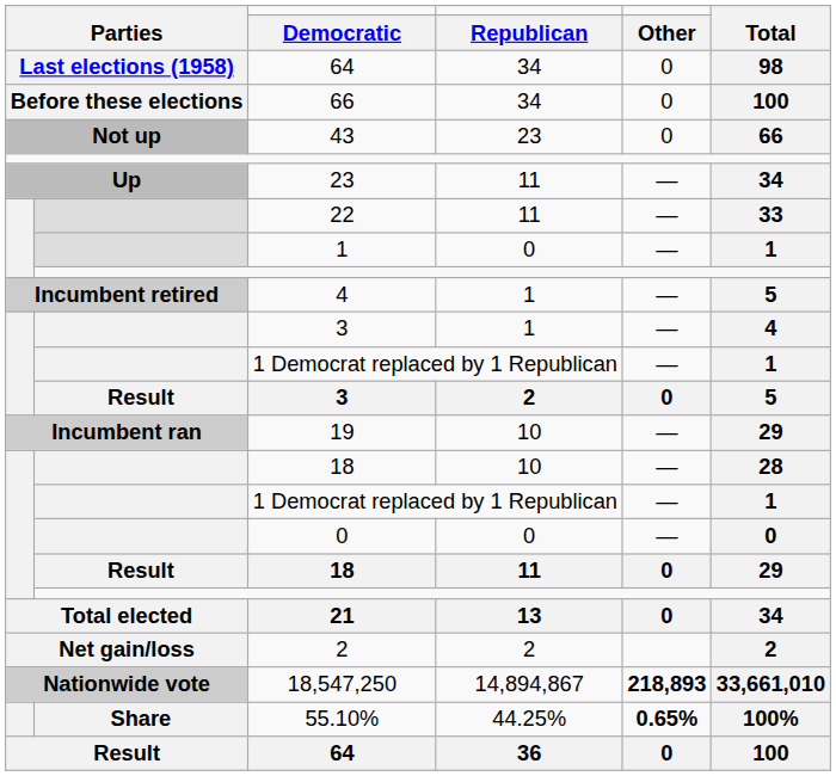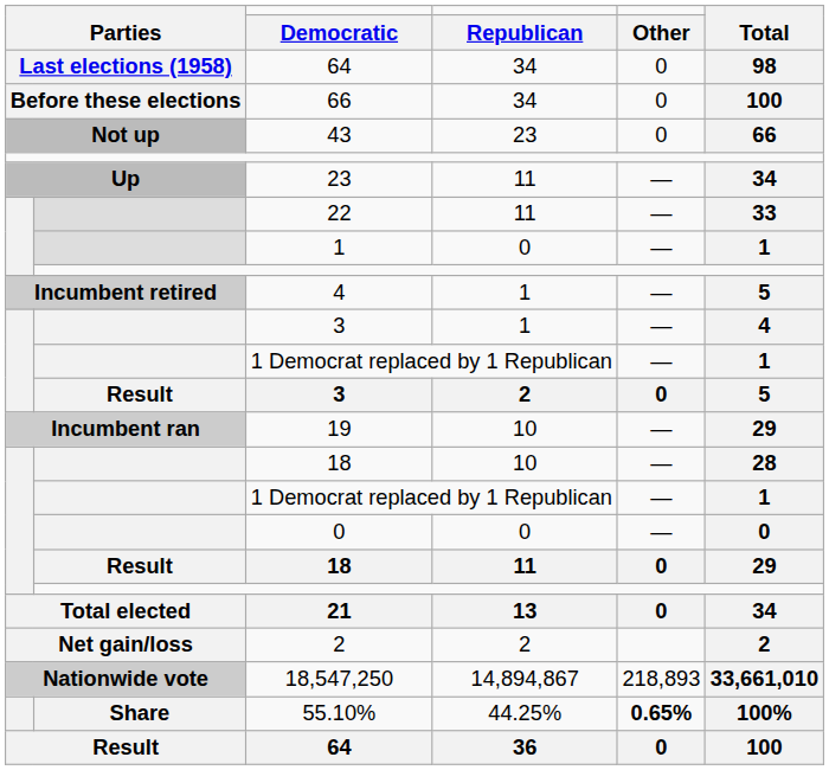 <table class=wikitable style=text-align:center>
 <tr valign=bottom>
 <th rowspan=2 colspan=2>Parties</th>
 <td style="background-color:"></td>
 <td style="background-color:"></td>
 <td style="background-color:"></td>
 <th rowspan=2>Total</th>
 </tr>
 <tr valign=bottom>
 <th><a href='#'>Democratic</a></th>
 <th><a href='#'>Republican</a></th>
 <th>Other</th>
 </tr>
 <tr>
 <th colspan=2><a href='#'>Last elections (1958)</a></th>
 <td>64</td>
 <td>34</td>
 <td>0</td>
 <th>98</th>
 </tr>
 <tr>
 <th colspan=2>Before these elections</th>
 <td>66</td>
 <td>34</td>
 <td>0</td>
 <th>100</th>
 </tr>
 <tr>
 <th colspan=2 style="background:#bbb">Not up</th>
 <td>43</td>
 <td>23</td>
 <td>0</td>
 <th>66</th>
 </tr>
 <tr>
 <td colspan=100></td>
 </tr>
 <tr>
 <th colspan=2 style="background:#bbb">Up</th>
 <td>23</td>
 <td>11</td>
 <td>—</td>
 <th>34</th>
 </tr>
 <tr>
 <th rowspan=3></th>
 <th style="background:#ddd"></th>
 <td>22</td>
 <td>11</td>
 <td>—</td>
 <th>33</th>
 </tr>
 <tr>
 <th style="background:#ddd"></th>
 <td>1</td>
 <td>0</td>
 <td>—</td>
 <th>1</th>
 </tr>
 <tr>
 <td colspan=100></td>
 </tr>
 <tr>
 <th colspan=2 style="background:#ccc">Incumbent retired</th>
 <td>4</td>
 <td>1</td>
 <td>—</td>
 <th>5</th>
 </tr>
 <tr>
 <th rowspan=3></th>
 <th></th>
 <td>3</td>
 <td>1</td>
 <td>—</td>
 <th>4</th>
 </tr>
 <tr>
 <th></th>
 <td colspan=2 >1 Democrat replaced by 1 Republican</td>
 <td>—</td>
 <th>1</th>
 </tr>
 <tr>
 <th>Result</th>
 <th>3</th>
 <th>2</th>
 <th>0</th>
 <th>5</th>
 </tr>
 <tr>
 <th colspan=2 style="background:#ccc">Incumbent ran</th>
 <td>19</td>
 <td>10</td>
 <td>—</td>
 <th>29</th>
 </tr>
 <tr>
 <th rowspan=5></th>
 <th></th>
 <td>18</td>
 <td>10</td>
 <td>—</td>
 <th>28</th>
 </tr>
 <tr>
 <th></th>
 <td colspan=2 >1 Democrat replaced by 1 Republican</td>
 <td>—</td>
 <th>1</th>
 </tr>
 <tr>
 <th></th>
 <td>0</td>
 <td>0</td>
 <td>—</td>
 <th>0</th>
 </tr>
 <tr>
 <th>Result</th>
 <th>18</th>
 <th>11</th>
 <th>0</th>
 <th>29</th>
 </tr>
 <tr>
 <td colspan=100></td>
 </tr>
 <tr>
 <th colspan=2>Total elected</th>
 <th>21</th>
 <th>13</th>
 <th>0</th>
 <th>34</th>
 </tr>
 <tr>
 <th colspan=2>Net gain/loss</th>
 <td>2</td>
 <td>2</td>
 <td></td>
 <th>2</th>
 </tr>
 <tr>
 <th colspan=2 style="background:#ccc">Nationwide vote</th>
 <td>18,547,250</td>
 <td>14,894,867</td>
-<td><strong>218,893</strong></td>
+<td>218,893</td>
 <th>33,661,010</th>
 </tr>
 <tr>
 <th></th>
 <th>Share</th>
 <td>55.10%</td>
 <td>44.25%</td>
 <td><strong>0.65%</strong></td>
 <th>100%</th>
 </tr>
 <tr>
 <th colspan=2>Result</th>
 <th>64</th>
 <th>36</th>
 <th>0</th>
 <th>100</th>
 </tr>
 </table>
